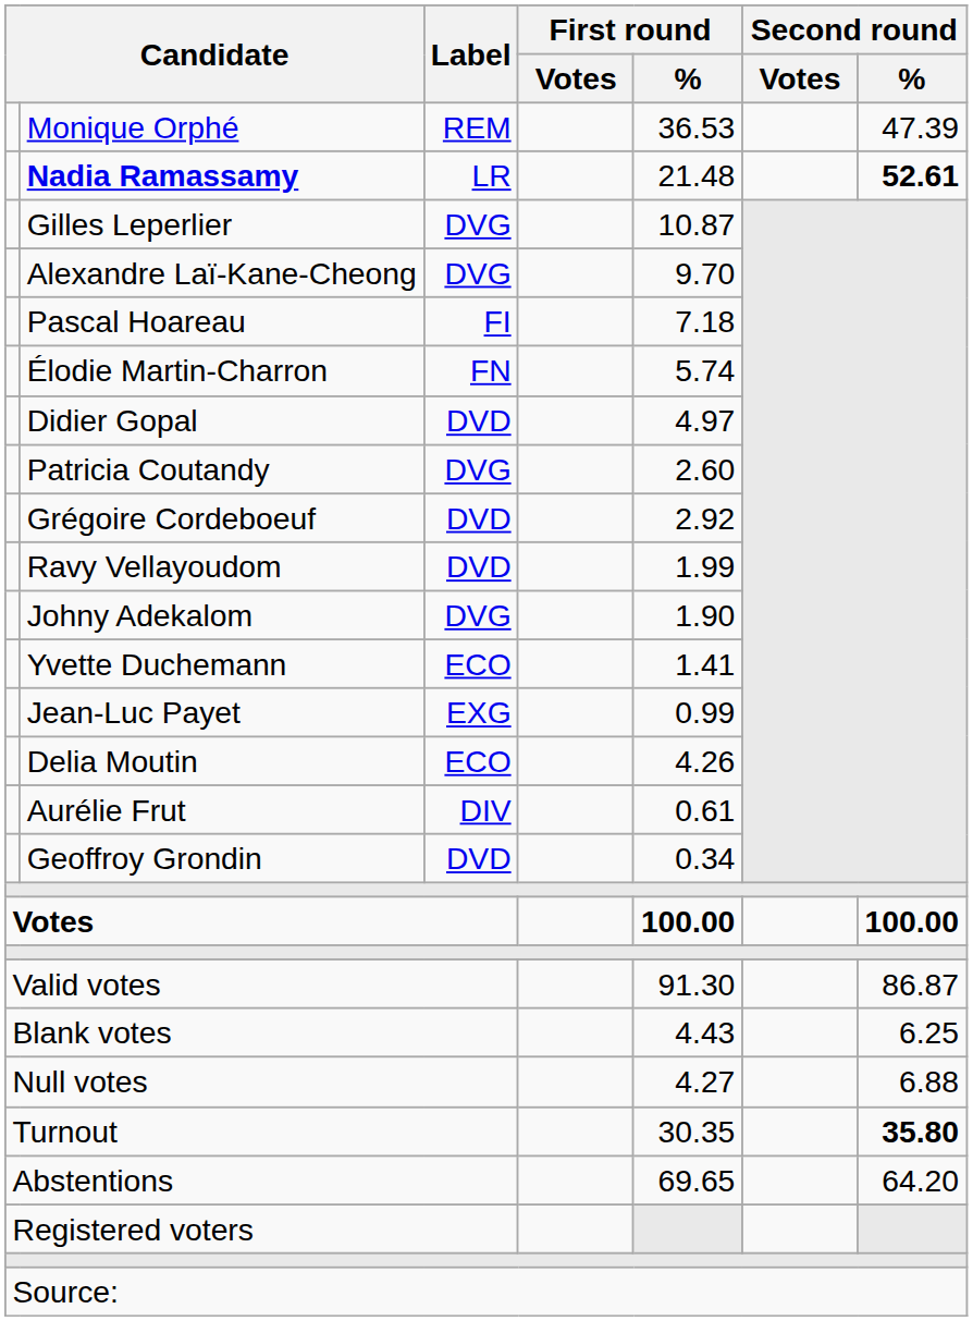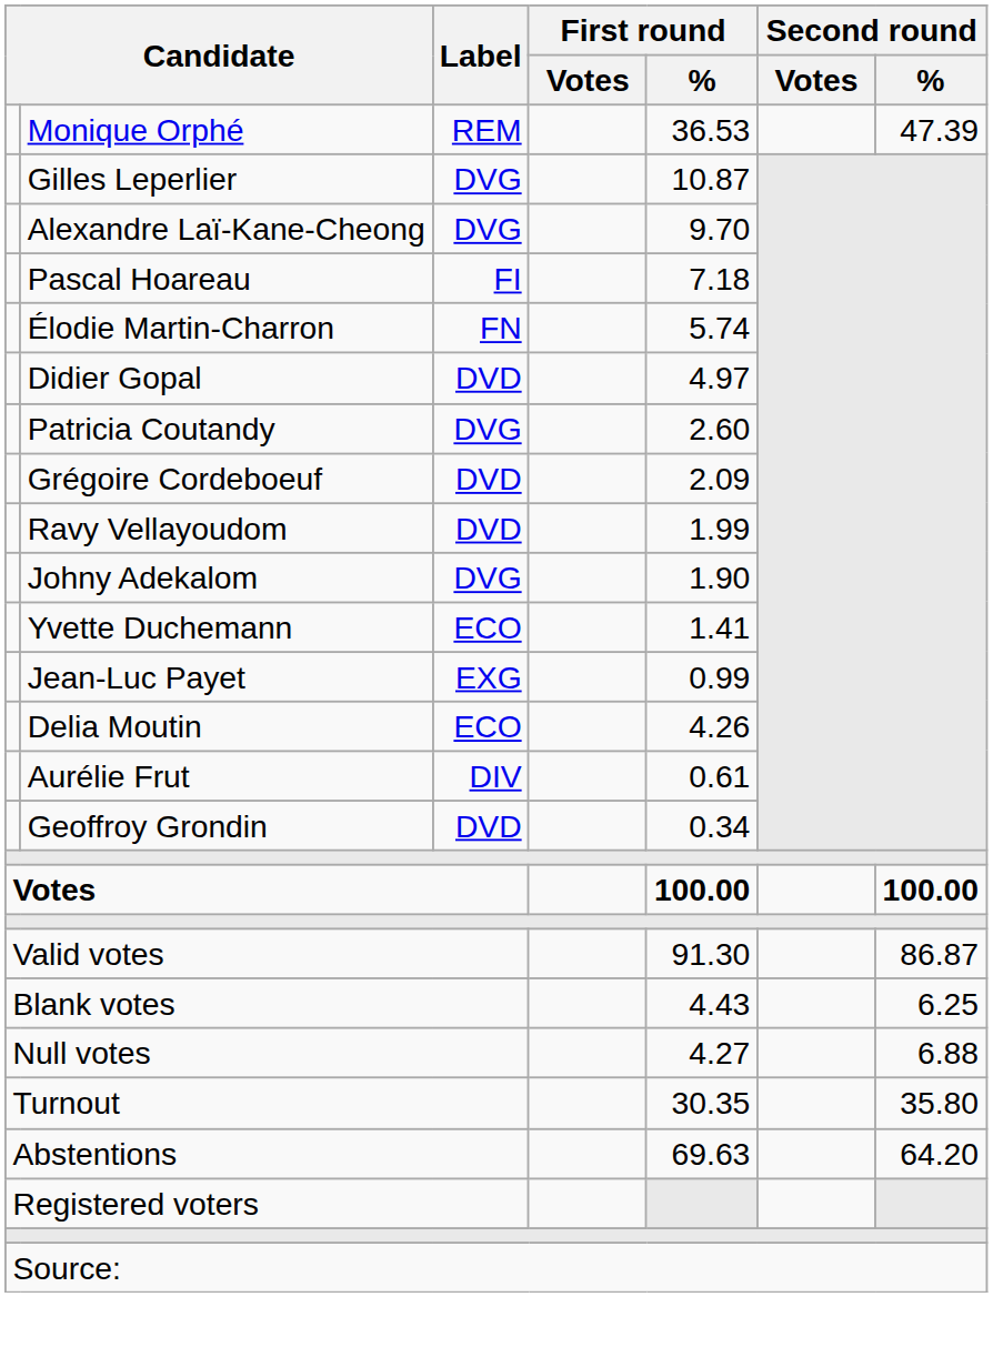 <table class="wikitable" style="text-align:right;font-size:95%;">
 <tr>
 <th colspan="2" rowspan="2">Candidate</th>
 <th rowspan="2">Label</th>
 <th colspan="2">First round</th>
 <th colspan="2">Second round</th>
 </tr>
 <tr>
 <th style="width:50px;">Votes</th>
 <th style="width:45px;">%</th>
 <th style="width:50px;">Votes</th>
 <th style="width:45px;">%</th>
 </tr>
 <tr>
 <td style="color:inherit;background:"></td>
 <td style="text-align:left;"><a href='#'>Monique Orphé</a></td>
 <td><a href='#'>REM</a></td>
 <td></td>
 <td>36.53</td>
 <td></td>
 <td>47.39</td>
-</tr>
-<tr>
-<td style="color:inherit;background:"></td>
-<td style="text-align:left;"><strong><a href='#'>Nadia Ramassamy</a></strong></td>
-<td><a href='#'>LR</a></td>
-<td></td>
-<td>21.48</td>
-<td><strong></strong></td>
-<td><strong>52.61</strong></td>
 </tr>
 <tr>
 <td style="color:inherit;background:"></td>
 <td style="text-align:left;">Gilles Leperlier</td>
 <td><a href='#'>DVG</a></td>
 <td></td>
 <td>10.87</td>
 <td colspan="2" rowspan="14" style="background:#E9E9E9;"></td>
 </tr>
 <tr>
 <td style="color:inherit;background:"></td>
 <td style="text-align:left;">Alexandre Laï-Kane-Cheong</td>
 <td><a href='#'>DVG</a></td>
 <td></td>
 <td>9.70</td>
 </tr>
 <tr>
 <td style="color:inherit;background:"></td>
 <td style="text-align:left;">Pascal Hoareau</td>
 <td><a href='#'>FI</a></td>
 <td></td>
 <td>7.18</td>
 </tr>
 <tr>
 <td style="color:inherit;background:"></td>
 <td style="text-align:left;">Élodie Martin-Charron</td>
 <td><a href='#'>FN</a></td>
 <td></td>
 <td>5.74</td>
 </tr>
 <tr>
 <td style="color:inherit;background:"></td>
 <td style="text-align:left;">Didier Gopal</td>
 <td><a href='#'>DVD</a></td>
 <td></td>
 <td>4.97</td>
 </tr>
 <tr>
 <td style="color:inherit;background:"></td>
 <td style="text-align:left;">Patricia Coutandy</td>
 <td><a href='#'>DVG</a></td>
 <td></td>
 <td>2.60</td>
 </tr>
 <tr>
 <td style="color:inherit;background:"></td>
 <td style="text-align:left;">Grégoire Cordeboeuf</td>
 <td><a href='#'>DVD</a></td>
 <td></td>
-<td>2.92</td>
+<td>2.09</td>
 </tr>
 <tr>
 <td style="color:inherit;background:"></td>
 <td style="text-align:left;">Ravy Vellayoudom</td>
 <td><a href='#'>DVD</a></td>
 <td></td>
 <td>1.99</td>
 </tr>
 <tr>
 <td style="color:inherit;background:"></td>
 <td style="text-align:left;">Johny Adekalom</td>
 <td><a href='#'>DVG</a></td>
 <td></td>
 <td>1.90</td>
 </tr>
 <tr>
 <td style="color:inherit;background:"></td>
 <td style="text-align:left;">Yvette Duchemann</td>
 <td><a href='#'>ECO</a></td>
 <td></td>
 <td>1.41</td>
 </tr>
 <tr>
 <td style="color:inherit;background:"></td>
 <td style="text-align:left;">Jean-Luc Payet</td>
 <td><a href='#'>EXG</a></td>
 <td></td>
 <td>0.99</td>
 </tr>
 <tr>
 <td style="color:inherit;background:"></td>
 <td style="text-align:left;">Delia Moutin</td>
 <td><a href='#'>ECO</a></td>
 <td></td>
 <td>4.26</td>
 </tr>
 <tr>
 <td style="color:inherit;background:"></td>
 <td style="text-align:left;">Aurélie Frut</td>
 <td><a href='#'>DIV</a></td>
 <td></td>
 <td>0.61</td>
 </tr>
 <tr>
 <td style="color:inherit;background:"></td>
 <td style="text-align:left;">Geoffroy Grondin</td>
 <td><a href='#'>DVD</a></td>
 <td></td>
 <td>0.34</td>
 </tr>
 <tr>
 <td colspan="7" style="background:#E9E9E9;"></td>
 </tr>
 <tr style="font-weight:bold;">
 <td colspan="3" style="text-align:left;">Votes</td>
 <td></td>
 <td>100.00</td>
 <td></td>
 <td>100.00</td>
 </tr>
 <tr>
 <td colspan="7" style="background:#E9E9E9;"></td>
 </tr>
 <tr>
 <td colspan="3" style="text-align:left;">Valid votes</td>
 <td></td>
 <td>91.30</td>
 <td></td>
 <td>86.87</td>
 </tr>
 <tr>
 <td colspan="3" style="text-align:left;">Blank votes</td>
 <td></td>
 <td>4.43</td>
 <td></td>
 <td>6.25</td>
 </tr>
 <tr>
 <td colspan="3" style="text-align:left;">Null votes</td>
 <td></td>
 <td>4.27</td>
 <td></td>
 <td>6.88</td>
 </tr>
 <tr>
 <td colspan="3" style="text-align:left;">Turnout</td>
 <td></td>
 <td>30.35</td>
 <td></td>
-<td><strong>35.80</strong></td>
+<td>35.80</td>
 </tr>
 <tr>
 <td colspan="3" style="text-align:left;">Abstentions</td>
 <td></td>
-<td>69.65</td>
+<td>69.63</td>
 <td></td>
 <td>64.20</td>
 </tr>
 <tr>
 <td colspan="3" style="text-align:left;">Registered voters</td>
 <td></td>
 <td style="background:#E9E9E9;"></td>
 <td></td>
 <td style="background:#E9E9E9;"></td>
 </tr>
 <tr>
 <td colspan="7" style="background:#E9E9E9;"></td>
 </tr>
 <tr>
 <td colspan="7" style="text-align:left;">Source: </td>
 </tr>
 </table>
